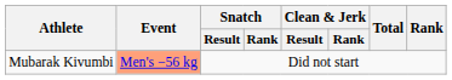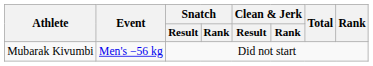 <table class="wikitable" style="font-size:90%">
 <tr>
 <th rowspan="2">Athlete</th>
 <th rowspan="2">Event</th>
 <th colspan="2">Snatch</th>
 <th colspan="2">Clean & Jerk</th>
 <th rowspan="2">Total</th>
 <th rowspan="2">Rank</th>
 </tr>
 <tr style="font-size:95%">
 <th>Result</th>
 <th>Rank</th>
 <th>Result</th>
 <th>Rank</th>
 </tr>
 <tr align=center>
 <td align=left>Mubarak Kivumbi</td>
-<td align=left style="background: lightsalmon;"><a href='#'>Men's −56 kg</a></td>
+<td align=left><a href='#'>Men's −56 kg</a></td>
 <td colspan=6>Did not start</td>
 </tr>
 </table>
